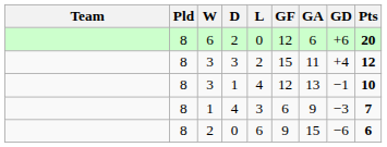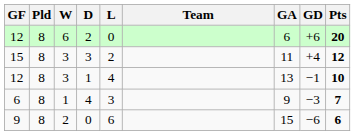 <table class="wikitable" style="text-align: center;">
 <tr>
-<th width="175">Team</th>
+<th width="20">GF</th>
 <th width="20">Pld</th>
 <th width="20">W</th>
 <th width="20">D</th>
 <th width="20">L</th>
-<th width="20">GF</th>
+<th width="175">Team</th>
 <th width="20">GA</th>
 <th width="20">GD</th>
 <th width="20">Pts</th>
 </tr>
 <tr bgcolor="#ccffcc">
-<td align="left"></td>
+<td>12</td>
 <td>8</td>
 <td>6</td>
 <td>2</td>
 <td>0</td>
-<td>12</td>
+<td align="left"></td>
 <td>6</td>
 <td>+6</td>
 <td><strong>20</strong></td>
 </tr>
 <tr>
-<td align="left"></td>
+<td>15</td>
 <td>8</td>
 <td>3</td>
 <td>3</td>
 <td>2</td>
-<td>15</td>
+<td align="left"></td>
 <td>11</td>
 <td>+4</td>
 <td><strong>12</strong></td>
 </tr>
 <tr>
-<td align="left"></td>
+<td>12</td>
 <td>8</td>
 <td>3</td>
 <td>1</td>
 <td>4</td>
-<td>12</td>
+<td align="left"></td>
 <td>13</td>
 <td>−1</td>
 <td><strong>10</strong></td>
 </tr>
 <tr>
-<td align="left"></td>
+<td>6</td>
 <td>8</td>
 <td>1</td>
 <td>4</td>
 <td>3</td>
-<td>6</td>
+<td align="left"></td>
 <td>9</td>
 <td>−3</td>
 <td><strong>7</strong></td>
 </tr>
 <tr>
-<td align="left"></td>
+<td>9</td>
 <td>8</td>
 <td>2</td>
 <td>0</td>
 <td>6</td>
-<td>9</td>
+<td align="left"></td>
 <td>15</td>
 <td>−6</td>
 <td><strong>6</strong></td>
 </tr>
 </table>
